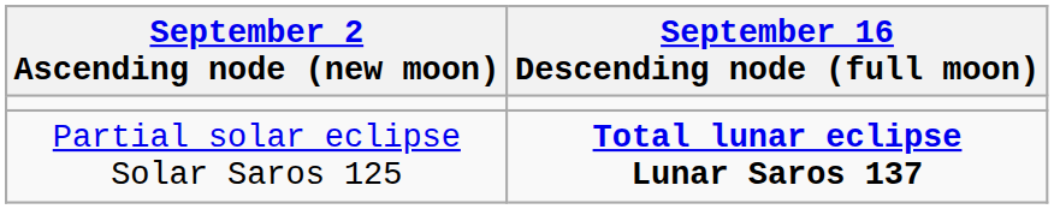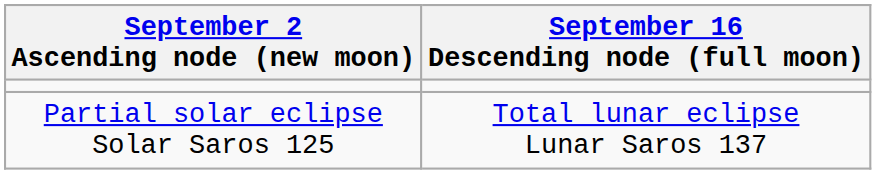 <table class="wikitable">
 <tr>
 <th><a href='#'>September 2</a><br>Ascending node (new moon)<br></th>
 <th><a href='#'>September 16</a><br>Descending node (full moon)<br></th>
 </tr>
 <tr>
 <td></td>
 <td></td>
 </tr>
 <tr align=center>
 <td><a href='#'>Partial solar eclipse</a><br>Solar Saros 125</td>
-<td><strong><a href='#'>Total lunar eclipse</a><br>Lunar Saros 137</strong></td>
+<td><a href='#'>Total lunar eclipse</a><br>Lunar Saros 137</td>
 </tr>
 </table>
